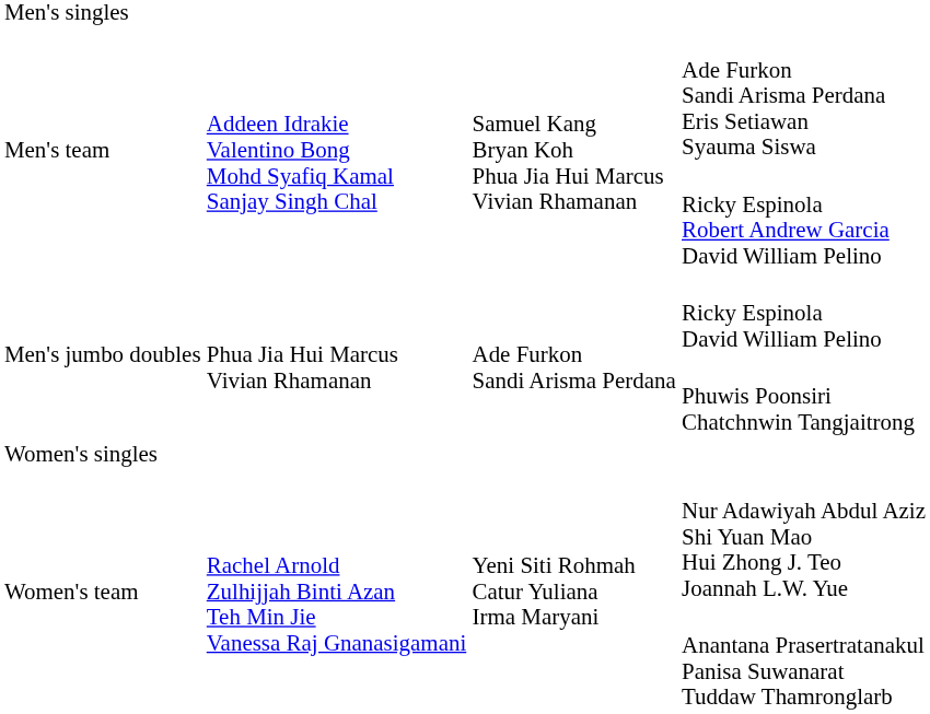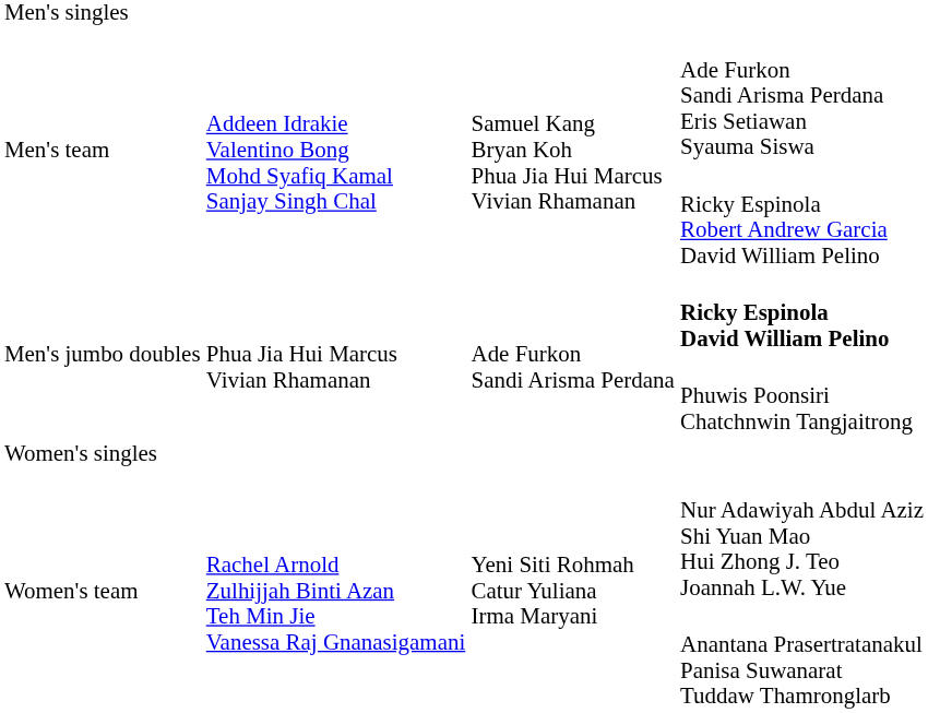 <table>
 <tr>
 <td rowspan=2>Men's singles<br></td>
 <td rowspan=2></td>
 <td rowspan=2></td>
 <td></td>
 </tr>
 <tr>
 <td></td>
 </tr>
 <tr>
 <td rowspan=2>Men's team<br></td>
 <td rowspan=2><br><a href='#'>Addeen Idrakie</a><br><a href='#'>Valentino Bong</a><br><a href='#'>Mohd Syafiq Kamal</a><br><a href='#'>Sanjay Singh Chal</a></td>
 <td rowspan=2><br>Samuel Kang<br>Bryan Koh<br>Phua Jia Hui Marcus<br>Vivian Rhamanan</td>
 <td><br>Ade Furkon<br>Sandi Arisma Perdana<br>Eris Setiawan<br>Syauma Siswa</td>
 </tr>
 <tr>
 <td><br>Ricky Espinola<br><a href='#'>Robert Andrew Garcia</a><br>David William Pelino</td>
 </tr>
 <tr>
 <td rowspan=2>Men's jumbo doubles<br></td>
 <td rowspan=2><br>Phua Jia Hui Marcus<br>Vivian Rhamanan</td>
 <td rowspan=2><br>Ade Furkon<br>Sandi Arisma Perdana</td>
-<td><br>Ricky Espinola<br>David William Pelino</td>
+<td><strong><br>Ricky Espinola<br>David William Pelino</strong></td>
 </tr>
 <tr>
 <td><br>Phuwis Poonsiri<br>Chatchnwin Tangjaitrong</td>
 </tr>
 <tr>
 <td rowspan=2>Women's singles<br></td>
 <td rowspan=2></td>
 <td rowspan=2></td>
 <td></td>
 </tr>
 <tr>
 <td></td>
 </tr>
 <tr>
 <td rowspan=2>Women's team<br></td>
 <td rowspan=2><br><a href='#'>Rachel Arnold</a><br><a href='#'>Zulhijjah Binti Azan</a><br><a href='#'>Teh Min Jie</a><br><a href='#'>Vanessa Raj Gnanasigamani</a></td>
 <td rowspan=2><br>Yeni Siti Rohmah<br>Catur Yuliana<br>Irma Maryani<br> </td>
 <td><br>Nur Adawiyah Abdul Aziz<br>Shi Yuan Mao<br>Hui Zhong J. Teo<br>Joannah L.W. Yue</td>
 </tr>
 <tr>
 <td><br>Anantana Prasertratanakul<br>Panisa Suwanarat<br>Tuddaw Thamronglarb</td>
 </tr>
 <tr>
 </tr>
 </table>
